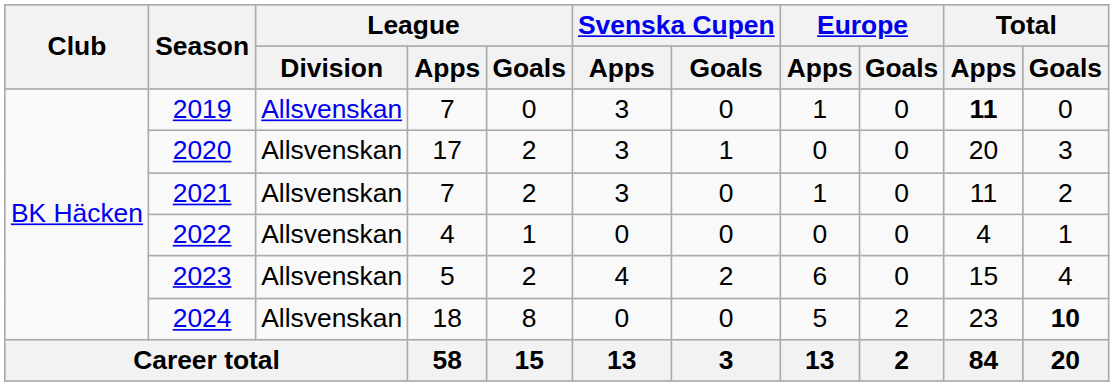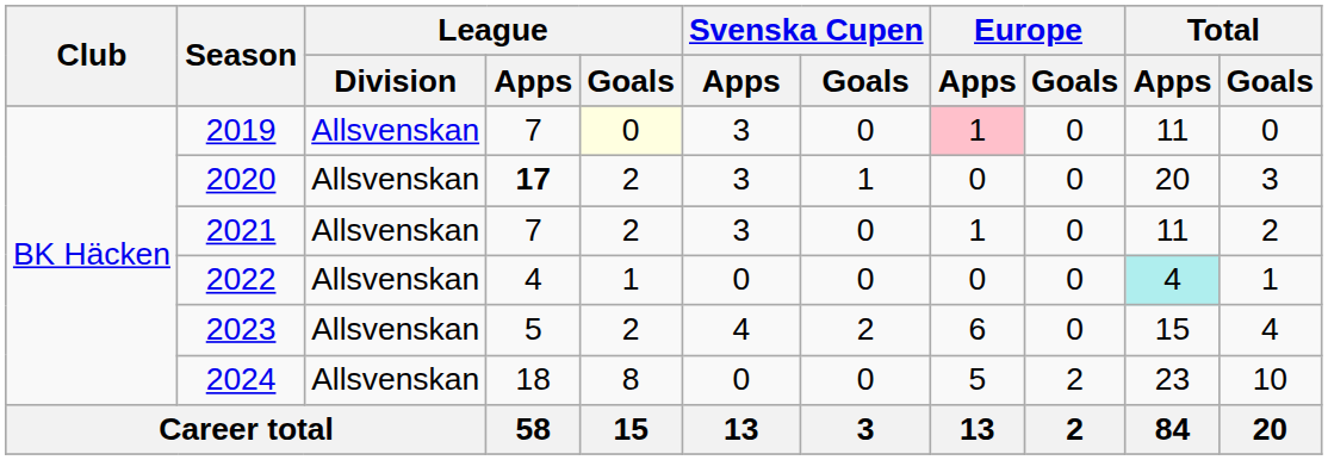 <table class="wikitable" style="text-align: center">
 <tr>
 <th rowspan="2">Club</th>
 <th rowspan="2">Season</th>
 <th colspan="3">League</th>
 <th colspan="2"><a href='#'>Svenska Cupen</a></th>
 <th colspan="2"><a href='#'>Europe</a></th>
 <th colspan="2">Total</th>
 </tr>
 <tr>
 <th>Division</th>
 <th>Apps</th>
 <th>Goals</th>
 <th>Apps</th>
 <th>Goals</th>
 <th>Apps</th>
 <th>Goals</th>
 <th>Apps</th>
 <th>Goals</th>
 </tr>
 <tr>
 <td rowspan="6"><a href='#'>BK Häcken</a></td>
 <td><a href='#'>2019</a></td>
 <td><a href='#'>Allsvenskan</a></td>
 <td>7</td>
-<td>0</td>
+<td style="background: lightyellow;">0</td>
 <td>3</td>
 <td>0</td>
-<td>1</td>
+<td style="background: pink;">1</td>
 <td>0</td>
-<td><strong>11</strong></td>
+<td>11</td>
 <td>0</td>
 </tr>
 <tr>
 <td><a href='#'>2020</a></td>
 <td>Allsvenskan</td>
-<td>17</td>
+<td><strong>17</strong></td>
 <td>2</td>
 <td>3</td>
 <td>1</td>
 <td>0</td>
 <td>0</td>
 <td>20</td>
 <td>3</td>
 </tr>
 <tr>
 <td><a href='#'>2021</a></td>
 <td>Allsvenskan</td>
 <td>7</td>
 <td>2</td>
 <td>3</td>
 <td>0</td>
 <td>1</td>
 <td>0</td>
 <td>11</td>
 <td>2</td>
 </tr>
 <tr>
 <td><a href='#'>2022</a></td>
 <td>Allsvenskan</td>
 <td>4</td>
 <td>1</td>
 <td>0</td>
 <td>0</td>
 <td>0</td>
 <td>0</td>
-<td>4</td>
+<td style="background: paleturquoise;">4</td>
 <td>1</td>
 </tr>
 <tr>
 <td><a href='#'>2023</a></td>
 <td>Allsvenskan</td>
 <td>5</td>
 <td>2</td>
 <td>4</td>
 <td>2</td>
 <td>6</td>
 <td>0</td>
 <td>15</td>
 <td>4</td>
 </tr>
 <tr>
 <td><a href='#'>2024</a></td>
 <td>Allsvenskan</td>
 <td>18</td>
 <td>8</td>
 <td>0</td>
 <td>0</td>
 <td>5</td>
 <td>2</td>
 <td>23</td>
-<td><strong>10</strong></td>
+<td>10</td>
 </tr>
 <tr>
 <th colspan="3">Career total</th>
 <th>58</th>
 <th>15</th>
 <th>13</th>
 <th>3</th>
 <th>13</th>
 <th>2</th>
 <th>84</th>
 <th>20</th>
 </tr>
 </table>
